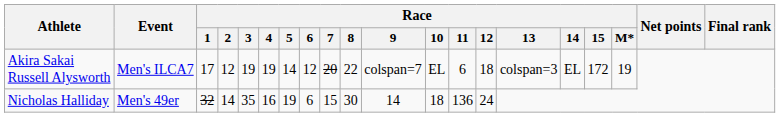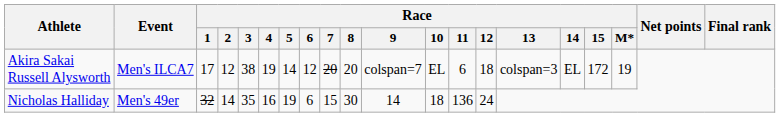 <table class=wikitable style=font-size:90%;text-align:center>
 <tr>
 <th rowspan="2">Athlete</th>
 <th rowspan="2">Event</th>
 <th colspan=16>Race</th>
 <th rowspan=2>Net points</th>
 <th rowspan=2>Final rank</th>
 </tr>
 <tr style="font-size:95%">
 <th>1</th>
 <th>2</th>
 <th>3</th>
 <th>4</th>
 <th>5</th>
 <th>6</th>
 <th>7</th>
 <th>8</th>
 <th>9</th>
 <th>10</th>
 <th>11</th>
 <th>12</th>
 <th>13</th>
 <th>14</th>
 <th>15</th>
 <th>M*</th>
 </tr>
 <tr>
 <td align=left><a href='#'>Akira Sakai</a><br><a href='#'>Russell Alysworth</a></td>
 <td align=left><a href='#'>Men's ILCA7</a></td>
 <td>17</td>
 <td>12</td>
-<td>19</td>
+<td>38</td>
 <td>19</td>
 <td>14</td>
 <td>12</td>
 <td><s>20</s></td>
-<td>22</td>
+<td>20</td>
 <td>colspan=7</td>
 <td>EL</td>
 <td>6</td>
 <td>18</td>
 <td>colspan=3</td>
 <td>EL</td>
 <td>172</td>
 <td>19</td>
 </tr>
 <tr>
 <td align=left><a href='#'>Nicholas Halliday</a></td>
 <td align=left><a href='#'>Men's 49er</a></td>
 <td><s>32</s></td>
 <td>14</td>
 <td>35</td>
 <td>16</td>
 <td>19</td>
 <td>6</td>
 <td>15</td>
 <td>30</td>
 <td>14</td>
 <td>18</td>
 <td>136</td>
 <td>24</td>
 </tr>
 </table>
